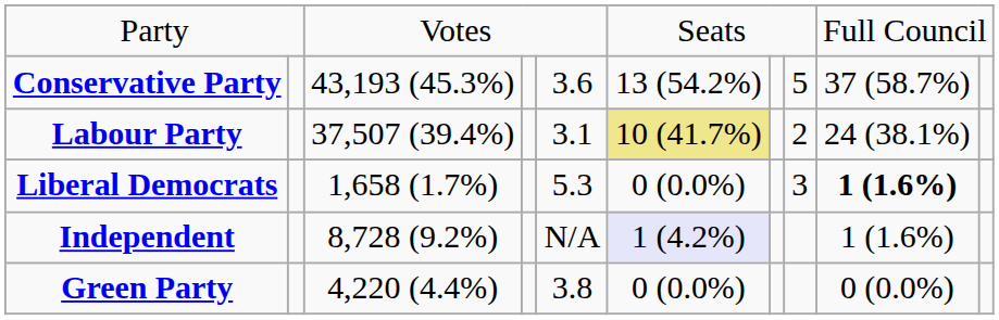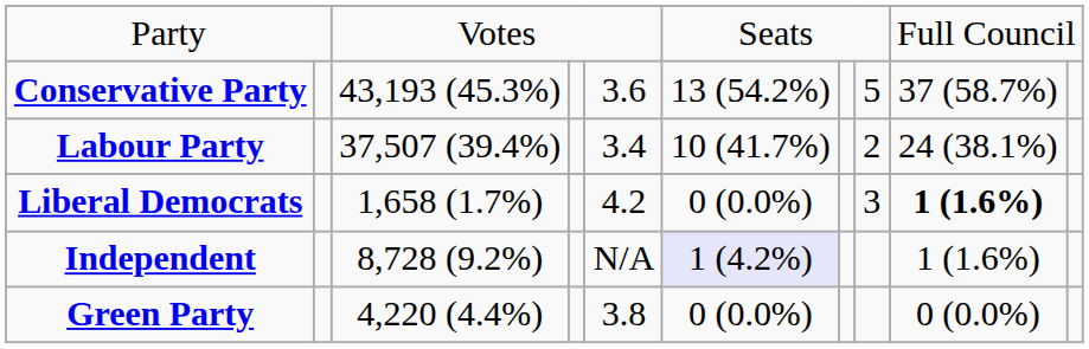 <table class=wikitable style="text-align:center;">
 <tr>
 <td colspan=2>Party</td>
 <td colspan=3>Votes</td>
 <td colspan=3>Seats</td>
 <td colspan=3>Full Council</td>
 </tr>
 <tr>
 <td><strong><a href='#'>Conservative Party</a></strong></td>
 <td style="background:"></td>
 <td>43,193 (45.3%)</td>
 <td></td>
 <td> 3.6</td>
 <td>13 (54.2%)</td>
 <td></td>
 <td> 5</td>
 <td>37 (58.7%)</td>
 <td></td>
 </tr>
 <tr>
 <td><strong><a href='#'>Labour Party</a></strong></td>
 <td style="background:"></td>
 <td>37,507 (39.4%)</td>
 <td></td>
-<td> 3.1</td>
-<td style="background: khaki;">10 (41.7%)</td>
+<td> 3.4</td>
+<td>10 (41.7%)</td>
 <td></td>
 <td> 2</td>
 <td>24 (38.1%)</td>
 <td></td>
 </tr>
 <tr>
 <td><strong><a href='#'>Liberal Democrats</a></strong></td>
 <td style="background:"></td>
 <td>1,658 (1.7%)</td>
 <td></td>
-<td> 5.3</td>
+<td> 4.2</td>
 <td>0 (0.0%)</td>
 <td></td>
 <td> 3</td>
 <td><strong>1 (1.6%)</strong></td>
 <td></td>
 </tr>
 <tr>
 <td><strong><a href='#'>Independent</a></strong></td>
 <td style="background:"></td>
 <td>8,728 (9.2%)</td>
 <td></td>
 <td>N/A</td>
 <td style="background: lavender;">1 (4.2%)</td>
 <td></td>
 <td></td>
 <td>1 (1.6%)</td>
 <td></td>
 </tr>
 <tr>
 <td><strong><a href='#'>Green Party</a></strong></td>
 <td style="background:"></td>
 <td>4,220 (4.4%)</td>
 <td></td>
 <td> 3.8</td>
 <td>0 (0.0%)</td>
 <td></td>
 <td></td>
 <td>0 (0.0%)</td>
 <td></td>
 </tr>
 </table>
